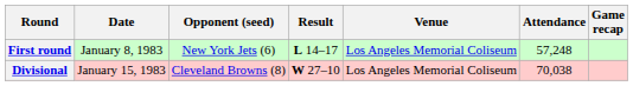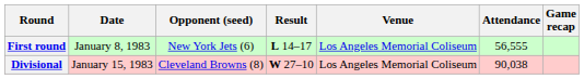 <table class="wikitable" style="text-align:center">
 <tr>
 <th>Round</th>
 <th>Date</th>
 <th>Opponent (seed)</th>
 <th>Result</th>
 <th>Venue</th>
 <th>Attendance</th>
 <th>Game<br>recap</th>
 </tr>
 <tr style="background:#cfc">
 <th><a href='#'>First round</a></th>
 <td>January 8, 1983</td>
 <td><a href='#'>New York Jets</a> (6)</td>
 <td><strong>L</strong> 14–17</td>
 <td><a href='#'>Los Angeles Memorial Coliseum</a></td>
-<td>57,248</td>
+<td>56,555</td>
 <td></td>
 </tr>
 <tr style="background:#fcc">
 <th><a href='#'>Divisional</a></th>
 <td>January 15, 1983</td>
 <td><a href='#'>Cleveland Browns</a> (8)</td>
 <td><strong>W</strong> 27–10</td>
 <td>Los Angeles Memorial Coliseum</td>
-<td>70,038</td>
+<td>90,038</td>
 <td></td>
 </tr>
 </table>
